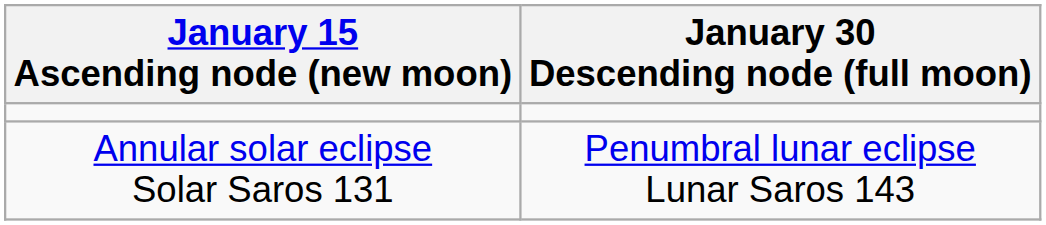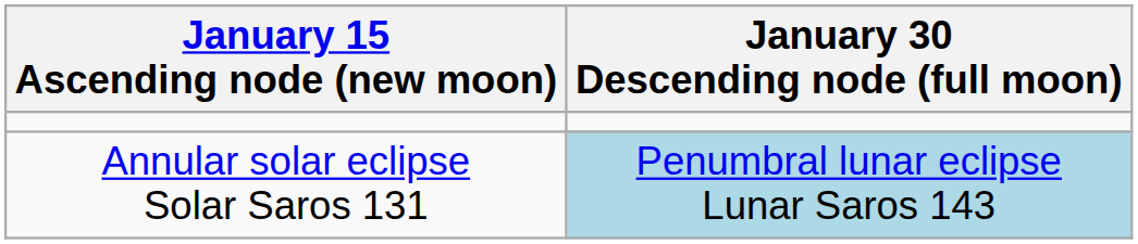 <table class="wikitable">
 <tr>
 <th><a href='#'>January 15</a><br>Ascending node (new moon)<br></th>
 <th>January 30<br>Descending node (full moon)<br></th>
 </tr>
 <tr>
 <td></td>
 <td></td>
 </tr>
 <tr align=center>
 <td><a href='#'>Annular solar eclipse</a><br>Solar Saros 131</td>
-<td><a href='#'>Penumbral lunar eclipse</a><br>Lunar Saros 143</td>
+<td style="background: lightblue;"><a href='#'>Penumbral lunar eclipse</a><br>Lunar Saros 143</td>
 </tr>
 </table>
